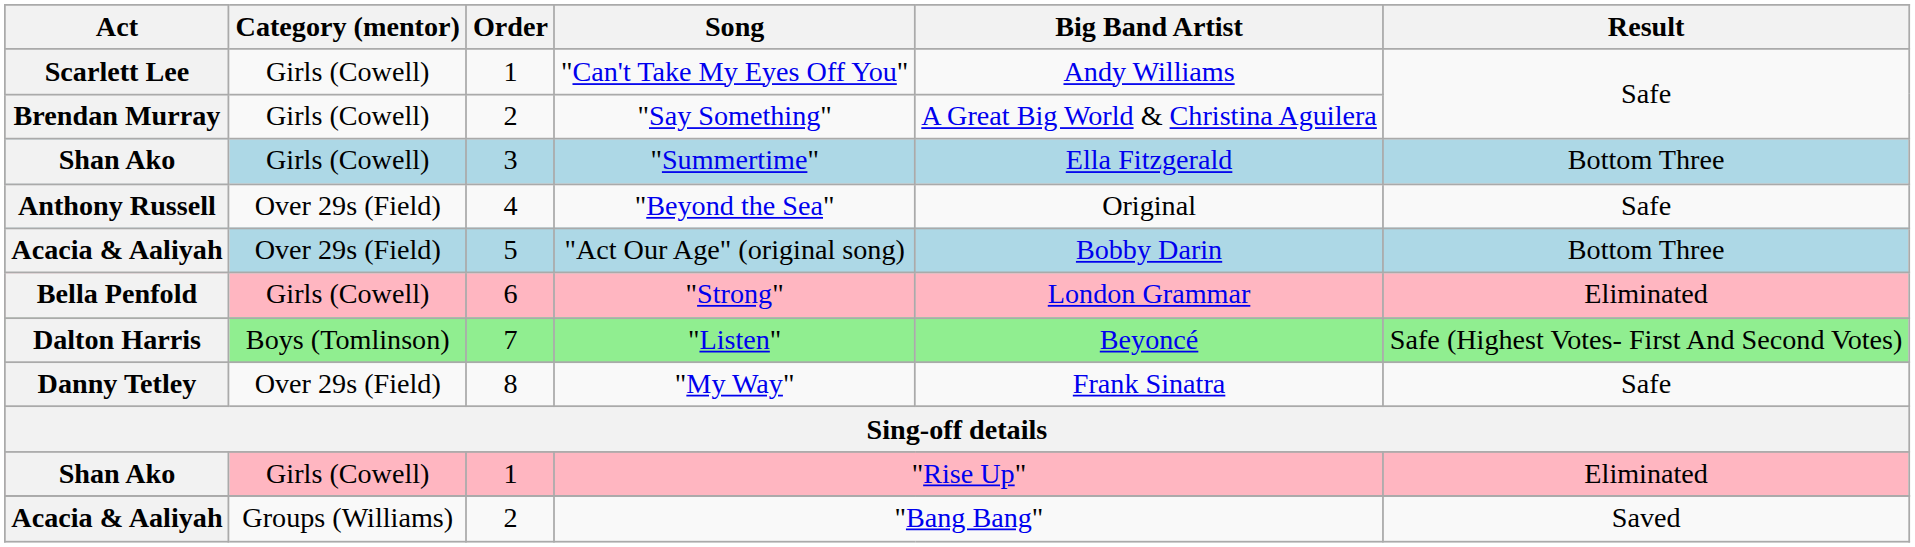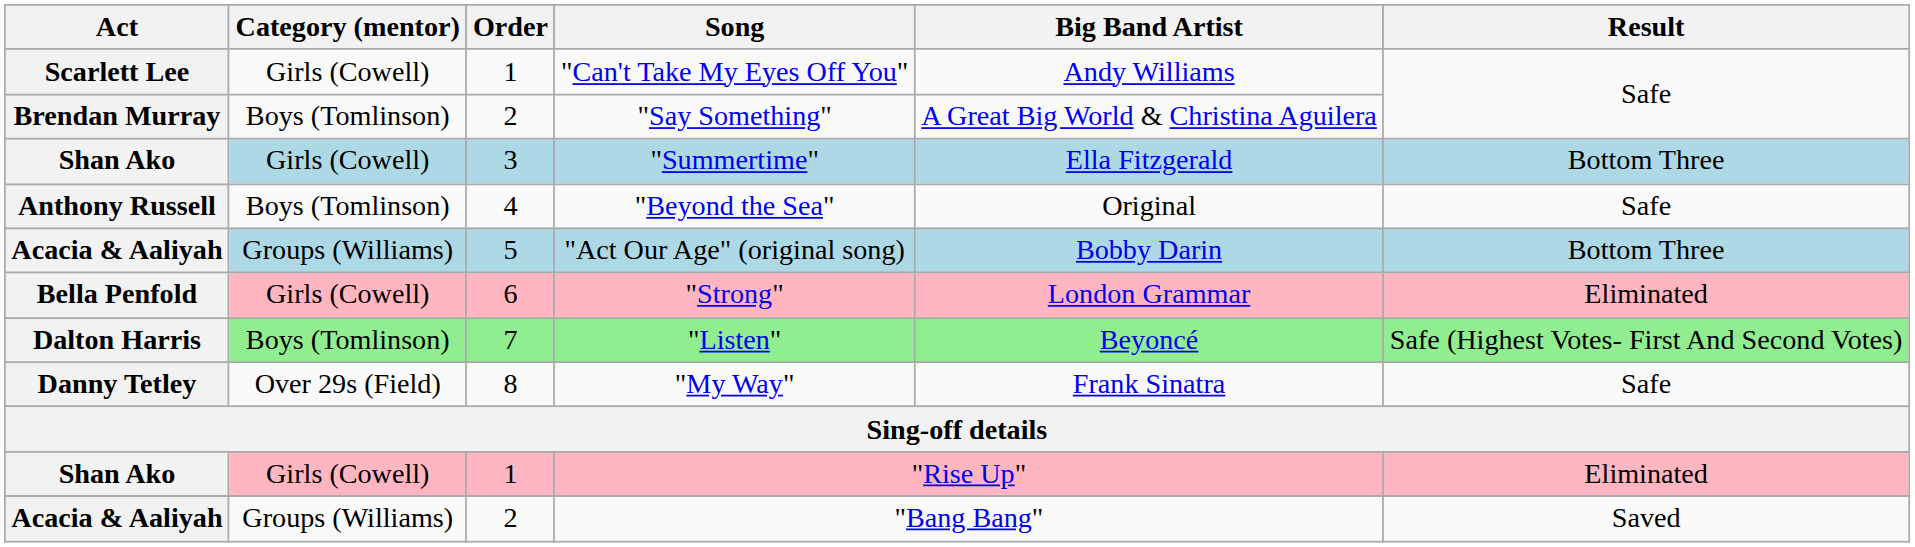 <table class="wikitable plainrowheaders" style="text-align:center;">
 <tr>
 <th scope="col">Act</th>
 <th scope="col">Category (mentor)</th>
 <th scope="col">Order</th>
 <th scope="col">Song</th>
 <th scope="col">Big Band Artist</th>
 <th scope="col">Result</th>
 </tr>
 <tr>
 <th scope="row">Scarlett Lee</th>
 <td>Girls (Cowell)</td>
 <td>1</td>
 <td>"<a href='#'>Can't Take My Eyes Off You</a>"</td>
 <td><a href='#'>Andy Williams</a></td>
 <td rowspan=2>Safe</td>
 </tr>
 <tr>
 <th scope="row">Brendan Murray</th>
-<td>Girls (Cowell)</td>
+<td>Boys (Tomlinson)</td>
 <td>2</td>
 <td>"<a href='#'>Say Something</a>"</td>
 <td><a href='#'>A Great Big World</a> & <a href='#'>Christina Aguilera</a></td>
 </tr>
 <tr style="background:lightblue;">
 <th scope="row">Shan Ako</th>
 <td>Girls (Cowell)</td>
 <td>3</td>
 <td>"<a href='#'>Summertime</a>"</td>
 <td><a href='#'>Ella Fitzgerald</a></td>
 <td>Bottom Three</td>
 </tr>
 <tr>
 <th scope="row">Anthony Russell</th>
-<td>Over 29s (Field)</td>
+<td>Boys (Tomlinson)</td>
 <td>4</td>
 <td>"<a href='#'>Beyond the Sea</a>"</td>
 <td>Original</td>
 <td>Safe</td>
 </tr>
 <tr style="background:lightblue;">
 <th scope="row">Acacia & Aaliyah</th>
-<td>Over 29s (Field)</td>
+<td>Groups (Williams)</td>
 <td>5</td>
 <td>"Act Our Age" (original song)</td>
 <td><a href='#'>Bobby Darin</a></td>
 <td>Bottom Three</td>
 </tr>
 <tr style="background:lightpink;">
 <th scope="row">Bella Penfold</th>
 <td>Girls (Cowell)</td>
 <td>6</td>
 <td>"<a href='#'>Strong</a>"</td>
 <td><a href='#'>London Grammar</a></td>
 <td>Eliminated</td>
 </tr>
 <tr style="background:lightgreen;">
 <th scope="row">Dalton Harris</th>
 <td>Boys (Tomlinson)</td>
 <td>7</td>
 <td>"<a href='#'>Listen</a>"</td>
 <td><a href='#'>Beyoncé</a></td>
 <td>Safe (Highest Votes- First And Second Votes)</td>
 </tr>
 <tr>
 <th scope="row">Danny Tetley</th>
 <td>Over 29s (Field)</td>
 <td>8</td>
 <td>"<a href='#'>My Way</a>"</td>
 <td><a href='#'>Frank Sinatra</a></td>
 <td>Safe</td>
 </tr>
 <tr>
 <th colspan="6">Sing-off details</th>
 </tr>
 <tr style="background:lightpink;">
 <th scope="row">Shan Ako</th>
 <td>Girls (Cowell)</td>
 <td>1</td>
 <td colspan="2">"<a href='#'>Rise Up</a>"</td>
 <td>Eliminated</td>
 </tr>
 <tr>
 </tr>
 <tr>
 <th scope="row">Acacia & Aaliyah</th>
 <td>Groups (Williams)</td>
 <td>2</td>
 <td colspan="2">"<a href='#'>Bang Bang</a>"</td>
 <td>Saved</td>
 </tr>
 </table>
